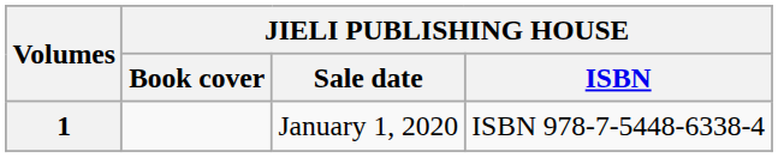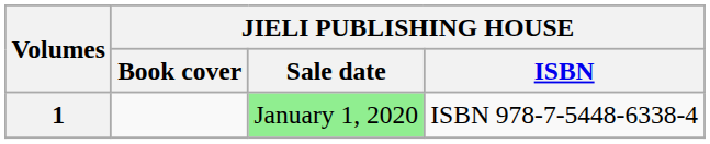 <table class=wikitable style="font-size:small;">
 <tr>
 <th rowspan="2">Volumes</th>
 <th colspan="3"> JIELI PUBLISHING HOUSE</th>
 </tr>
 <tr>
 <th>Book cover</th>
 <th>Sale date</th>
 <th><a href='#'>ISBN</a></th>
 </tr>
 <tr>
 <th>1</th>
 <td></td>
-<td>January 1, 2020</td>
+<td style="background: lightgreen;">January 1, 2020</td>
 <td>ISBN 978-7-5448-6338-4</td>
 </tr>
 </table>
